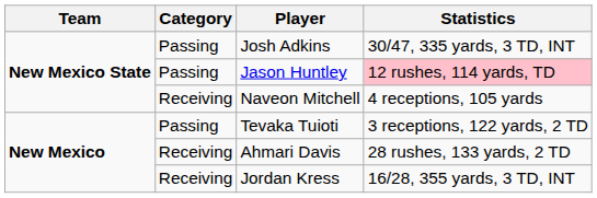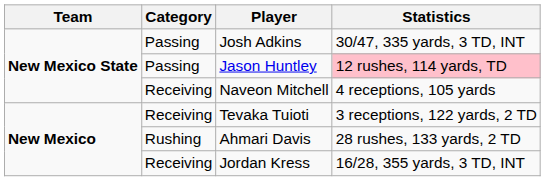 <table class="wikitable" style="float: left;">
 <tr>
 <th>Team</th>
 <th>Category</th>
 <th>Player</th>
 <th>Statistics</th>
 </tr>
 <tr>
 <td rowspan=3><strong>New Mexico State</strong></td>
 <td>Passing</td>
 <td>Josh Adkins</td>
 <td>30/47, 335 yards, 3 TD, INT</td>
 </tr>
 <tr>
 <td>Passing</td>
 <td><a href='#'>Jason Huntley</a></td>
 <td style="background: pink;">12 rushes, 114 yards, TD</td>
 </tr>
 <tr>
 <td>Receiving</td>
 <td>Naveon Mitchell</td>
 <td>4 receptions, 105 yards</td>
 </tr>
 <tr>
 <td rowspan=3><strong>New Mexico</strong></td>
-<td>Passing</td>
+<td>Receiving</td>
 <td>Tevaka Tuioti</td>
 <td>3 receptions, 122 yards, 2 TD</td>
 </tr>
 <tr>
-<td>Receiving</td>
+<td>Rushing</td>
 <td>Ahmari Davis</td>
 <td>28 rushes, 133 yards, 2 TD</td>
 </tr>
 <tr>
 <td>Receiving</td>
 <td>Jordan Kress</td>
 <td>16/28, 355 yards, 3 TD, INT</td>
 </tr>
 </table>
